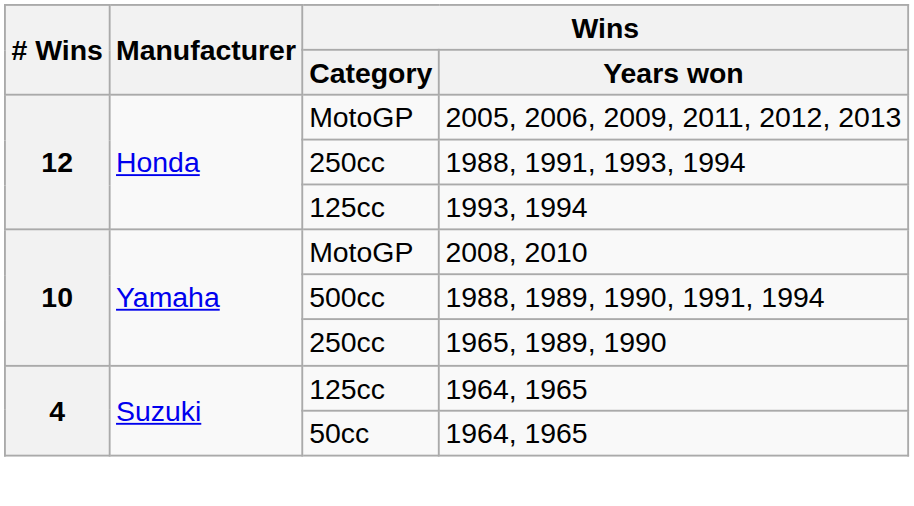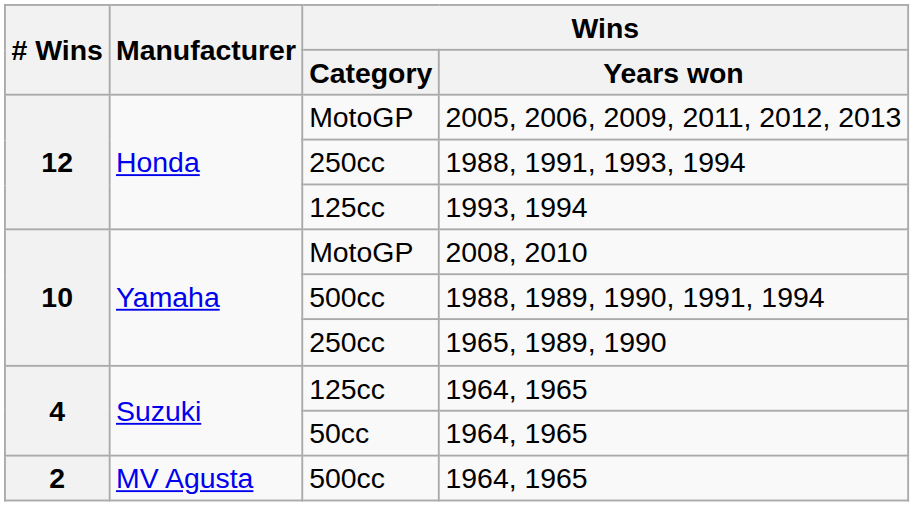 <table class="wikitable" style="font-size: 95%;">
 <tr>
 <th rowspan=2># Wins</th>
 <th rowspan=2>Manufacturer</th>
 <th colspan=2>Wins</th>
 </tr>
 <tr>
 <th>Category</th>
 <th>Years won</th>
 </tr>
 <tr>
 <th rowspan="3">12</th>
 <td rowspan=3> <a href='#'>Honda</a></td>
 <td>MotoGP</td>
 <td>2005, 2006, 2009, 2011, 2012, 2013</td>
 </tr>
 <tr>
 <td>250cc</td>
 <td>1988, 1991, 1993, 1994</td>
 </tr>
 <tr>
 <td>125cc</td>
 <td>1993, 1994</td>
 </tr>
 <tr>
 <th rowspan=3>10</th>
 <td rowspan=3> <a href='#'>Yamaha</a></td>
 <td>MotoGP</td>
 <td>2008, 2010</td>
 </tr>
 <tr>
 <td>500cc</td>
 <td>1988, 1989, 1990, 1991, 1994</td>
 </tr>
 <tr>
 <td>250cc</td>
 <td>1965, 1989, 1990</td>
 </tr>
 <tr>
 <th rowspan=2>4</th>
 <td rowspan=2> <a href='#'>Suzuki</a></td>
 <td>125cc</td>
 <td>1964, 1965</td>
 </tr>
 <tr>
 <td>50cc</td>
 <td>1964, 1965</td>
 </tr>
+<tr>
+<th>2</th>
+<td> <a href='#'>MV Agusta</a></td>
+<td>500cc</td>
+<td>1964, 1965</td>
+</tr>
 </table>
